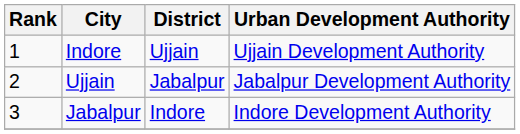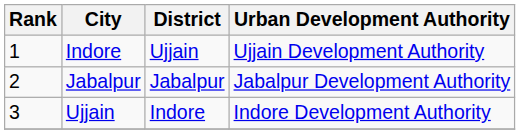 <table class="wikitable sortable">
 <tr>
 <th>Rank</th>
 <th>City</th>
 <th>District</th>
 <th>Urban Development Authority</th>
 </tr>
 <tr>
 <td>1</td>
 <td><a href='#'>Indore</a></td>
 <td><a href='#'>Ujjain</a></td>
 <td><a href='#'>Ujjain Development Authority</a></td>
 </tr>
 <tr>
 <td>2</td>
-<td><a href='#'>Ujjain</a></td>
+<td><a href='#'>Jabalpur</a></td>
 <td><a href='#'>Jabalpur</a></td>
 <td><a href='#'>Jabalpur Development Authority</a></td>
 </tr>
 <tr>
 <td>3</td>
-<td><a href='#'>Jabalpur</a></td>
+<td><a href='#'>Ujjain</a></td>
 <td><a href='#'>Indore</a></td>
 <td><a href='#'>Indore Development Authority</a></td>
 </tr>
 <tr>
 </tr>
 </table>
